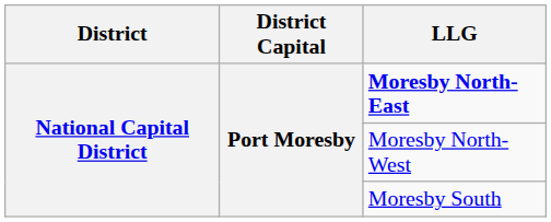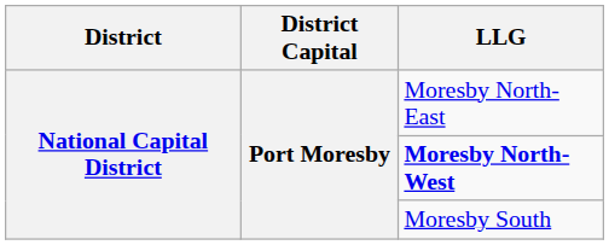 <table class="wikitable" style="text-align: left;" width="400">
 <tr>
 <th>District</th>
 <th>District Capital</th>
 <th>LLG</th>
 </tr>
 <tr>
 <th rowspan=3><a href='#'>National Capital District</a></th>
 <th rowspan=3>Port Moresby</th>
-<td><strong><a href='#'>Moresby North-East</a></strong></td>
+<td><a href='#'>Moresby North-East</a></td>
 </tr>
 <tr>
-<td><a href='#'>Moresby North-West</a></td>
+<td><strong><a href='#'>Moresby North-West</a></strong></td>
 </tr>
 <tr>
 <td><a href='#'>Moresby South</a></td>
 </tr>
 </table>
